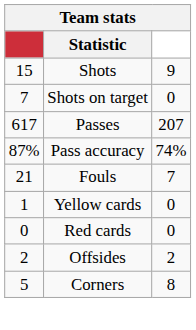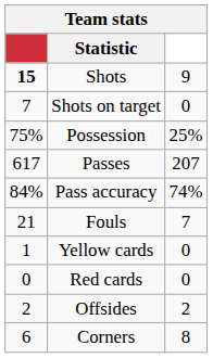 <table class="wikitable" style="margin-left: auto; margin-right: auto; border: none; text-align:center;">
 <tr>
 <th colspan=3>Team stats</th>
 </tr>
 <tr>
 <th style="background: #CD2E3A; color: #FFFFFF;"> <a href='#'></a></th>
 <th>Statistic</th>
 <th style="background: #FFFFFF; color: #CE1126;"> <a href='#'></a></th>
 </tr>
 <tr>
-<td>15</td>
+<td><strong>15</strong></td>
 <td>Shots</td>
 <td>9</td>
 </tr>
 <tr>
 <td>7</td>
 <td>Shots on target</td>
 <td>0</td>
 </tr>
 <tr>
+<td>75%</td>
+<td>Possession</td>
+<td>25%</td>
+</tr>
+<tr>
 <td>617</td>
 <td>Passes</td>
 <td>207</td>
 </tr>
 <tr>
-<td>87%</td>
+<td>84%</td>
 <td>Pass accuracy</td>
 <td>74%</td>
 </tr>
 <tr>
 <td>21</td>
 <td>Fouls</td>
 <td>7</td>
 </tr>
 <tr>
 <td>1</td>
 <td>Yellow cards</td>
 <td>0</td>
 </tr>
 <tr>
 <td>0</td>
 <td>Red cards</td>
 <td>0</td>
 </tr>
 <tr>
 <td>2</td>
 <td>Offsides</td>
 <td>2</td>
 </tr>
 <tr>
-<td>5</td>
+<td>6</td>
 <td>Corners</td>
 <td>8</td>
 </tr>
 </table>
